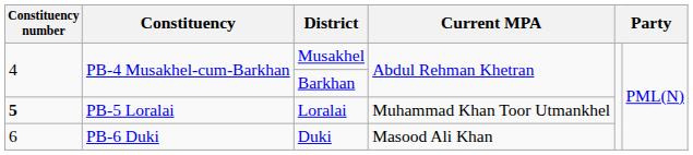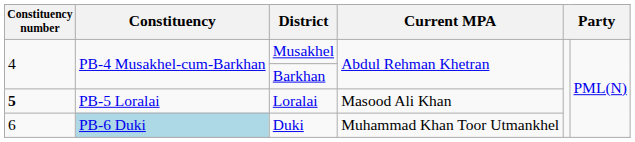 <table class="wikitable">
 <tr>
 <th width="50px" style="font-size:75%">Constituency number</th>
 <th>Constituency</th>
 <th>District</th>
 <th>Current MPA</th>
 <th colspan="2">Party</th>
 </tr>
 <tr>
 <td rowspan="2">4</td>
 <td rowspan="2"><a href='#'>PB-4 Musakhel-cum-Barkhan</a></td>
 <td><a href='#'>Musakhel</a></td>
 <td rowspan="2"><a href='#'>Abdul Rehman Khetran</a></td>
 <td rowspan="4"></td>
 <td rowspan="4"><a href='#'>PML(N)</a></td>
 </tr>
 <tr>
 <td><a href='#'>Barkhan</a></td>
 </tr>
 <tr>
 <td><strong>5</strong></td>
 <td><a href='#'>PB-5 Loralai</a></td>
 <td><a href='#'>Loralai</a></td>
-<td>Muhammad Khan Toor Utmankhel</td>
+<td>Masood Ali Khan</td>
 </tr>
 <tr>
 <td>6</td>
-<td><a href='#'>PB-6 Duki</a></td>
+<td style="background: lightblue;"><a href='#'>PB-6 Duki</a></td>
 <td><a href='#'>Duki</a></td>
-<td>Masood Ali Khan</td>
+<td>Muhammad Khan Toor Utmankhel</td>
 </tr>
 </table>
